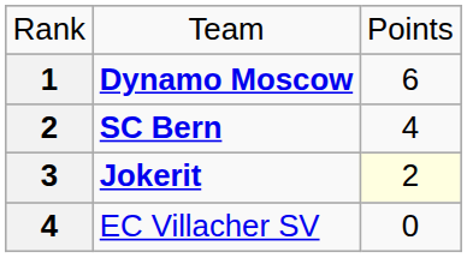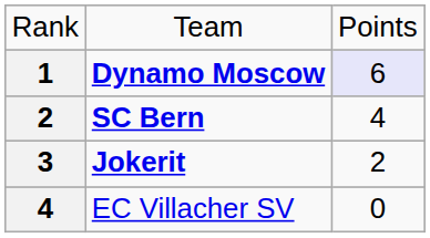 <table class="wikitable" style="text-align: center;">
 <tr>
 <td>Rank</td>
 <td>Team</td>
 <td>Points</td>
 </tr>
 <tr>
 <th>1</th>
 <td style="text-align: left;"> <strong><a href='#'>Dynamo Moscow</a></strong></td>
-<td>6</td>
+<td style="background: lavender;">6</td>
 </tr>
 <tr>
 <th>2</th>
 <td style="text-align: left;"> <strong><a href='#'>SC Bern</a></strong></td>
 <td>4</td>
 </tr>
 <tr>
 <th>3</th>
 <td style="text-align: left;"> <strong><a href='#'>Jokerit</a></strong></td>
-<td style="background: lightyellow;">2</td>
+<td>2</td>
 </tr>
 <tr>
 <th>4</th>
 <td style="text-align: left;"> <a href='#'>EC Villacher SV</a></td>
 <td>0</td>
 </tr>
 </table>
